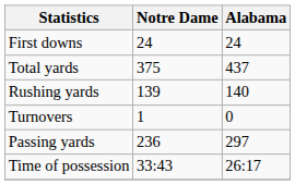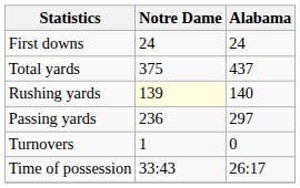 <table class="wikitable" style="float: left;">
 <tr>
 <th>Statistics</th>
 <th>Notre Dame</th>
 <th>Alabama</th>
 </tr>
 <tr>
 <td>First downs</td>
 <td>24</td>
 <td>24</td>
 </tr>
 <tr>
 <td>Total yards</td>
 <td>375</td>
 <td>437</td>
 </tr>
 <tr>
 <td>Rushing yards</td>
-<td>139</td>
+<td style="background: lightyellow;">139</td>
 <td>140</td>
+</tr>
+<tr>
+<td>Passing yards</td>
+<td>236</td>
+<td>297</td>
 </tr>
 <tr>
 <td>Turnovers</td>
 <td>1</td>
 <td>0</td>
-</tr>
-<tr>
-<td>Passing yards</td>
-<td>236</td>
-<td>297</td>
 </tr>
 <tr>
 <td>Time of possession</td>
 <td>33:43</td>
 <td>26:17</td>
 </tr>
 <tr>
 </tr>
 </table>
